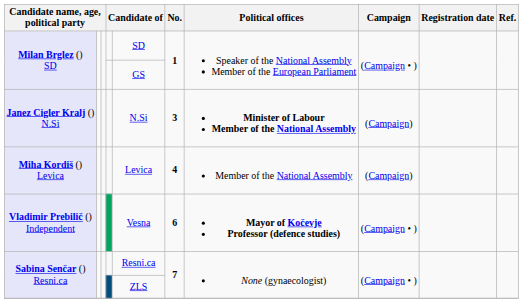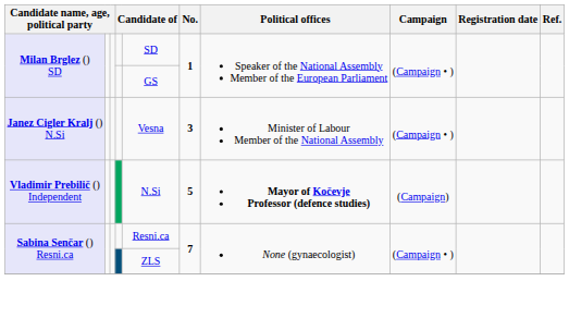 <table class="wikitable" style="text-align:center;">
 <tr>
 <th colspan="3">Candidate name, age,<br>political party</th>
 <th colspan="2">Candidate of</th>
 <th>No.</th>
 <th>Political offices</th>
 <th>Campaign</th>
 <th>Registration date</th>
 <th>Ref.</th>
 </tr>
 <tr>
 <td rowspan="2" style="background:lavender;"><strong><a href='#'>Milan Brglez</a></strong> ()<br><a href='#'>SD</a></td>
 <td rowspan="2" style="background-color:"></td>
 <td rowspan="2"></td>
 <td style="background-color:"></td>
 <td><a href='#'>SD</a></td>
 <td rowspan="2"><strong>1</strong></td>
 <td rowspan="2"><br><ul><li>Speaker of the <a href='#'>National Assembly</a> </li><li>Member of the <a href='#'>European Parliament</a> </li></ul></td>
 <td rowspan="2"><br>(<a href='#'>Campaign</a> • )</td>
 <td rowspan="2"></td>
 <td rowspan="2"></td>
 </tr>
 <tr>
 <td style="background-color:"></td>
 <td><a href='#'>GS</a></td>
 </tr>
 <tr>
 <td style="background:lavender;"><strong><a href='#'>Janez Cigler Kralj</a></strong> ()<br><a href='#'>N.Si</a></td>
 <td style="background-color:"></td>
 <td></td>
 <td style="background-color:"></td>
-<td><a href='#'>N.Si</a></td>
+<td><a href='#'>Vesna</a></td>
 <td><strong>3</strong></td>
-<td><strong><br><ul><li>Minister of Labour </li><li>Member of the <a href='#'>National Assembly</a> </li></ul></strong></td>
-<td><br>(<a href='#'>Campaign</a>)</td>
-<td></td>
-<td></td>
-</tr>
-<tr>
-<td style="background:lavender;"><strong><a href='#'>Miha Kordiš</a></strong> ()<br><a href='#'>Levica</a></td>
-<td style="background-color:"></td>
-<td></td>
-<td style="background-color:"></td>
-<td><a href='#'>Levica</a></td>
-<td><strong>4</strong></td>
-<td><br><ul><li>Member of the <a href='#'>National Assembly</a> </li></ul></td>
-<td><br>(<a href='#'>Campaign</a>)</td>
+<td><br><ul><li>Minister of Labour </li><li>Member of the <a href='#'>National Assembly</a> </li></ul></td>
+<td><br>(<a href='#'>Campaign</a> • )</td>
 <td></td>
 <td></td>
 </tr>
 <tr>
 <td style="background:lavender;"><strong><a href='#'>Vladimir Prebilič</a></strong> ()<br><a href='#'>Independent</a></td>
 <td style="background-color:"></td>
 <td></td>
 <td style="background-color:#00A65E;"></td>
-<td><a href='#'>Vesna</a></td>
-<td><strong>6</strong></td>
+<td><a href='#'>N.Si</a></td>
+<td><strong>5</strong></td>
 <td><strong><br><ul><li>Mayor of <a href='#'>Kočevje</a> </li><li>Professor (defence studies)</li></ul></strong></td>
-<td><br>(<a href='#'>Campaign</a> • )</td>
+<td><br>(<a href='#'>Campaign</a>)</td>
 <td></td>
 <td></td>
 </tr>
 <tr>
 <td rowspan="2" style="background:lavender;"><strong><a href='#'>Sabina Senčar</a></strong> ()<br><a href='#'>Resni.ca</a></td>
 <td rowspan="2" style="background-color:"></td>
 <td rowspan="2"></td>
 <td style="background-color:"></td>
 <td><a href='#'>Resni.ca</a></td>
 <td rowspan="2"><strong>7</strong></td>
 <td rowspan="2"><br><ul><li><em>None</em> (gynaecologist)</li></ul></td>
 <td rowspan="2"><br>(<a href='#'>Campaign</a> • )</td>
 <td rowspan="2"></td>
 <td rowspan="2"></td>
 </tr>
 <tr>
 <td style="background-color:#014E7A;"></td>
 <td><a href='#'>ZLS</a></td>
 </tr>
 <tr>
 </tr>
 </table>
